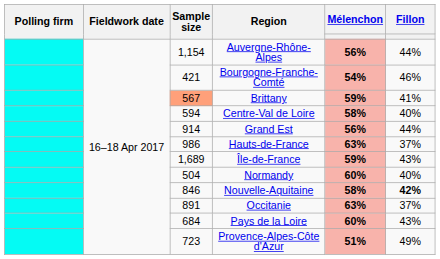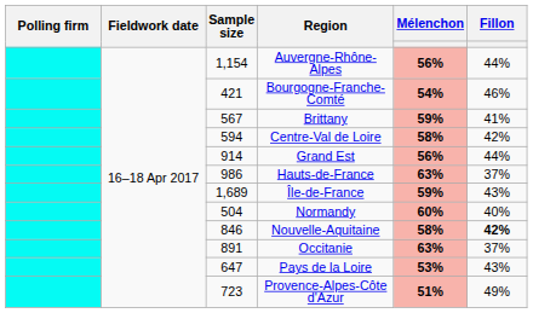 <table class="wikitable sortable" style="text-align:center;font-size:90%;line-height:14px;">
 <tr style="height:40px;">
 <th style="width:100px;" rowspan="2">Polling firm</th>
 <th style="width:110px;" rowspan="2">Fieldwork date</th>
 <th style="width:35px;" rowspan="2">Sample<br>size</th>
 <th style="width:145px;" rowspan="2">Region</th>
 <th class="unsortable" style="width:60px;"><a href='#'>Mélenchon</a><br></th>
 <th class="unsortable" style="width:60px;"><a href='#'>Fillon</a><br></th>
 </tr>
 <tr>
 <th style="background:"></th>
 <th style="background:"></th>
 </tr>
 <tr>
 <td style="background:#04FBF4;"></td>
 <td rowspan="12" data-sort-value="2017-04-18">16–18 Apr 2017</td>
 <td>1,154</td>
 <td><a href='#'>Auvergne-Rhône-Alpes</a></td>
 <td style="background:#F8B3AB;"><strong>56%</strong></td>
 <td>44%</td>
 </tr>
 <tr>
 <td style="background:#04FBF4;"></td>
 <td>421</td>
 <td><a href='#'>Bourgogne-Franche-Comté</a></td>
 <td style="background:#F8B3AB;"><strong>54%</strong></td>
 <td>46%</td>
 </tr>
 <tr>
 <td style="background:#04FBF4;"></td>
-<td style="background: lightsalmon;">567</td>
+<td>567</td>
 <td><a href='#'>Brittany</a></td>
 <td style="background:#F8B3AB;"><strong>59%</strong></td>
 <td>41%</td>
 </tr>
 <tr>
 <td style="background:#04FBF4;"></td>
 <td>594</td>
 <td><a href='#'>Centre-Val de Loire</a></td>
 <td style="background:#F8B3AB;"><strong>58%</strong></td>
-<td>40%</td>
+<td>42%</td>
 </tr>
 <tr>
 <td style="background:#04FBF4;"></td>
 <td>914</td>
 <td><a href='#'>Grand Est</a></td>
 <td style="background:#F8B3AB;"><strong>56%</strong></td>
 <td>44%</td>
 </tr>
 <tr>
 <td style="background:#04FBF4;"></td>
 <td>986</td>
 <td><a href='#'>Hauts-de-France</a></td>
 <td style="background:#F8B3AB;"><strong>63%</strong></td>
 <td>37%</td>
 </tr>
 <tr>
 <td style="background:#04FBF4;"></td>
 <td>1,689</td>
 <td><a href='#'>Île-de-France</a></td>
 <td style="background:#F8B3AB;"><strong>59%</strong></td>
 <td>43%</td>
 </tr>
 <tr>
 <td style="background:#04FBF4;"></td>
 <td>504</td>
 <td><a href='#'>Normandy</a></td>
 <td style="background:#F8B3AB;"><strong>60%</strong></td>
 <td>40%</td>
 </tr>
 <tr>
 <td style="background:#04FBF4;"></td>
 <td>846</td>
 <td><a href='#'>Nouvelle-Aquitaine</a></td>
 <td style="background:#F8B3AB;"><strong>58%</strong></td>
 <td><strong>42%</strong></td>
 </tr>
 <tr>
 <td style="background:#04FBF4;"></td>
 <td>891</td>
 <td><a href='#'>Occitanie</a></td>
 <td style="background:#F8B3AB;"><strong>63%</strong></td>
 <td>37%</td>
 </tr>
 <tr>
 <td style="background:#04FBF4;"></td>
-<td>684</td>
+<td>647</td>
 <td><a href='#'>Pays de la Loire</a></td>
-<td style="background:#F8B3AB;"><strong>60%</strong></td>
+<td style="background:#F8B3AB;"><strong>53%</strong></td>
 <td>43%</td>
 </tr>
 <tr>
 <td style="background:#04FBF4;"></td>
 <td>723</td>
 <td><a href='#'>Provence-Alpes-Côte d'Azur</a></td>
 <td style="background:#F8B3AB;"><strong>51%</strong></td>
 <td>49%</td>
 </tr>
 </table>
